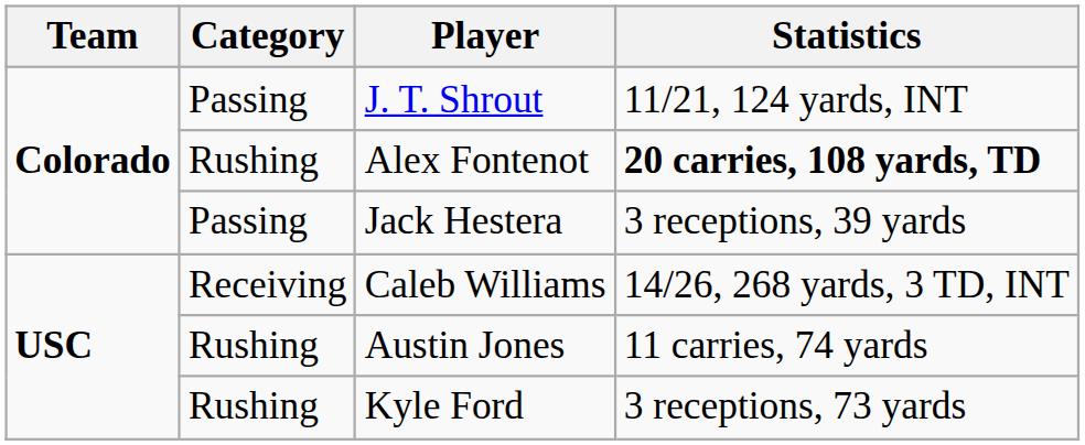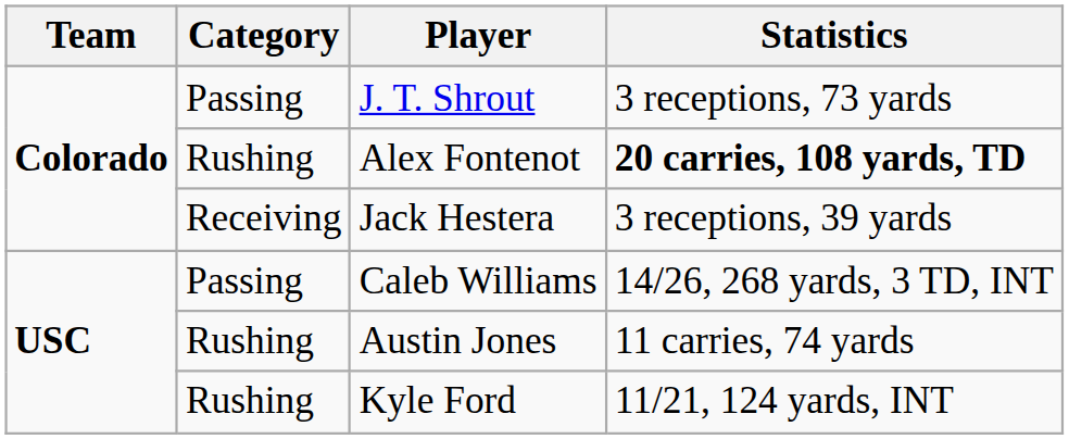 <table class="wikitable" style="float: right;">
 <tr>
 <th>Team</th>
 <th>Category</th>
 <th>Player</th>
 <th>Statistics</th>
 </tr>
 <tr>
 <td rowspan=3><strong>Colorado</strong></td>
 <td>Passing</td>
 <td><a href='#'>J. T. Shrout</a></td>
-<td>11/21, 124 yards, INT</td>
+<td>3 receptions, 73 yards</td>
 </tr>
 <tr>
 <td>Rushing</td>
 <td>Alex Fontenot</td>
 <td><strong>20 carries, 108 yards, TD</strong></td>
 </tr>
 <tr>
-<td>Passing</td>
+<td>Receiving</td>
 <td>Jack Hestera</td>
 <td>3 receptions, 39 yards</td>
 </tr>
 <tr>
 <td rowspan=3><strong>USC</strong></td>
-<td>Receiving</td>
+<td>Passing</td>
 <td>Caleb Williams</td>
 <td>14/26, 268 yards, 3 TD, INT</td>
 </tr>
 <tr>
 <td>Rushing</td>
 <td>Austin Jones</td>
 <td>11 carries, 74 yards</td>
 </tr>
 <tr>
 <td>Rushing</td>
 <td>Kyle Ford</td>
-<td>3 receptions, 73 yards</td>
+<td>11/21, 124 yards, INT</td>
 </tr>
 </table>
